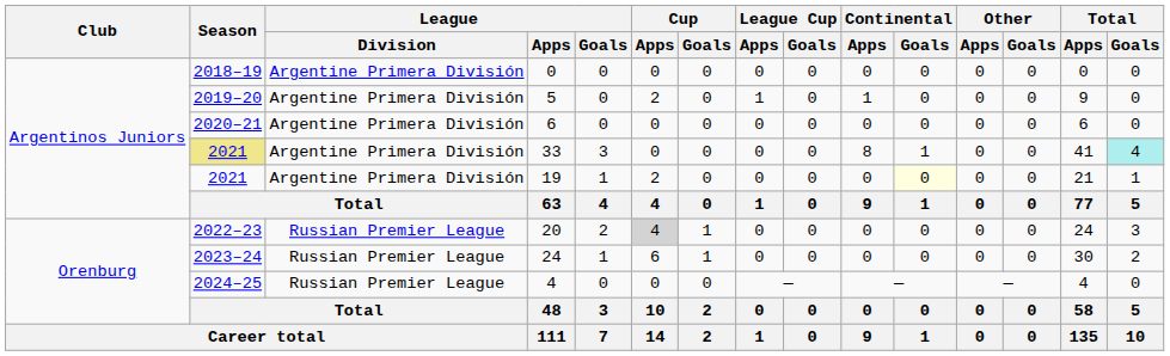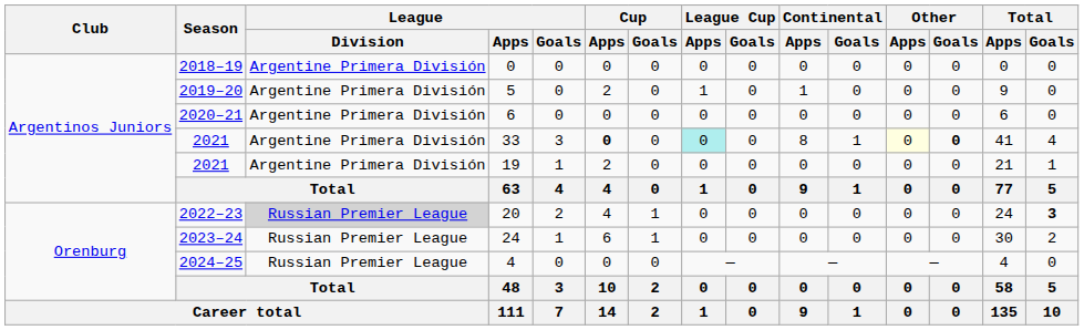 <table class="wikitable" style="text-align:center">
 <tr>
 <th rowspan="2">Club</th>
 <th rowspan="2">Season</th>
 <th colspan="3">League</th>
 <th colspan="2">Cup</th>
 <th colspan="2">League Cup</th>
 <th colspan="2">Continental</th>
 <th colspan="2">Other</th>
 <th colspan="2">Total</th>
 </tr>
 <tr>
 <th>Division</th>
 <th>Apps</th>
 <th>Goals</th>
 <th>Apps</th>
 <th>Goals</th>
 <th>Apps</th>
 <th>Goals</th>
 <th>Apps</th>
 <th>Goals</th>
 <th>Apps</th>
 <th>Goals</th>
 <th>Apps</th>
 <th>Goals</th>
 </tr>
 <tr>
 <td rowspan="6"><a href='#'>Argentinos Juniors</a></td>
 <td><a href='#'>2018–19</a></td>
 <td><a href='#'>Argentine Primera División</a></td>
 <td>0</td>
 <td>0</td>
 <td>0</td>
 <td>0</td>
 <td>0</td>
 <td>0</td>
 <td>0</td>
 <td>0</td>
 <td>0</td>
 <td>0</td>
 <td>0</td>
 <td>0</td>
 </tr>
 <tr>
 <td><a href='#'>2019–20</a></td>
 <td>Argentine Primera División</td>
 <td>5</td>
 <td>0</td>
 <td>2</td>
 <td>0</td>
 <td>1</td>
 <td>0</td>
 <td>1</td>
 <td>0</td>
 <td>0</td>
 <td>0</td>
 <td>9</td>
 <td>0</td>
 </tr>
 <tr>
 <td><a href='#'>2020–21</a></td>
 <td>Argentine Primera División</td>
 <td>6</td>
 <td>0</td>
 <td>0</td>
 <td>0</td>
 <td>0</td>
 <td>0</td>
 <td>0</td>
 <td>0</td>
 <td>0</td>
 <td>0</td>
 <td>6</td>
 <td>0</td>
 </tr>
 <tr>
-<td style="background: khaki;"><a href='#'>2021</a></td>
+<td><a href='#'>2021</a></td>
 <td>Argentine Primera División</td>
 <td>33</td>
 <td>3</td>
+<td><strong>0</strong></td>
 <td>0</td>
-<td>0</td>
-<td>0</td>
+<td style="background: paleturquoise;">0</td>
 <td>0</td>
 <td>8</td>
 <td>1</td>
-<td>0</td>
-<td>0</td>
+<td style="background: lightyellow;">0</td>
+<td><strong>0</strong></td>
 <td>41</td>
-<td style="background: paleturquoise;">4</td>
+<td>4</td>
 </tr>
 <tr>
 <td><a href='#'>2021</a></td>
 <td>Argentine Primera División</td>
 <td>19</td>
 <td>1</td>
 <td>2</td>
 <td>0</td>
 <td>0</td>
 <td>0</td>
 <td>0</td>
-<td style="background: lightyellow;">0</td>
+<td>0</td>
 <td>0</td>
 <td>0</td>
 <td>21</td>
 <td>1</td>
 </tr>
 <tr>
 <th colspan="2">Total</th>
 <th>63</th>
 <th>4</th>
 <th>4</th>
 <th>0</th>
 <th>1</th>
 <th>0</th>
 <th>9</th>
 <th>1</th>
 <th>0</th>
 <th>0</th>
 <th>77</th>
 <th>5</th>
 </tr>
 <tr>
 <td rowspan="4"><a href='#'>Orenburg</a></td>
 <td><a href='#'>2022–23</a></td>
-<td><a href='#'>Russian Premier League</a></td>
+<td style="background: lightgrey;"><a href='#'>Russian Premier League</a></td>
 <td>20</td>
 <td>2</td>
-<td style="background: lightgrey;">4</td>
+<td>4</td>
 <td>1</td>
 <td>0</td>
 <td>0</td>
 <td>0</td>
 <td>0</td>
 <td>0</td>
 <td>0</td>
 <td>24</td>
-<td>3</td>
+<td><strong>3</strong></td>
 </tr>
 <tr>
 <td><a href='#'>2023–24</a></td>
 <td>Russian Premier League</td>
 <td>24</td>
 <td>1</td>
 <td>6</td>
 <td>1</td>
 <td>0</td>
 <td>0</td>
 <td>0</td>
 <td>0</td>
 <td>0</td>
 <td>0</td>
 <td>30</td>
 <td>2</td>
 </tr>
 <tr>
 <td><a href='#'>2024–25</a></td>
 <td>Russian Premier League</td>
 <td>4</td>
 <td>0</td>
 <td>0</td>
 <td>0</td>
 <td colspan="2">—</td>
 <td colspan="2">—</td>
 <td colspan="2">—</td>
 <td>4</td>
 <td>0</td>
 </tr>
 <tr>
 <th colspan="2">Total</th>
 <th>48</th>
 <th>3</th>
 <th>10</th>
 <th>2</th>
 <th>0</th>
 <th>0</th>
 <th>0</th>
 <th>0</th>
 <th>0</th>
 <th>0</th>
 <th>58</th>
 <th>5</th>
 </tr>
 <tr>
 <th colspan="3">Career total</th>
 <th>111</th>
 <th>7</th>
 <th>14</th>
 <th>2</th>
 <th>1</th>
 <th>0</th>
 <th>9</th>
 <th>1</th>
 <th>0</th>
 <th>0</th>
 <th>135</th>
 <th>10</th>
 </tr>
 </table>
